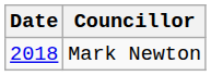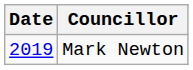 <table class="wikitable">
 <tr>
 <th>Date</th>
 <th>Councillor</th>
 </tr>
 <tr>
-<td><a href='#'>2018</a></td>
+<td><a href='#'>2019</a></td>
 <td ! style="background-color:">Mark Newton</td>
 </tr>
 </table>
